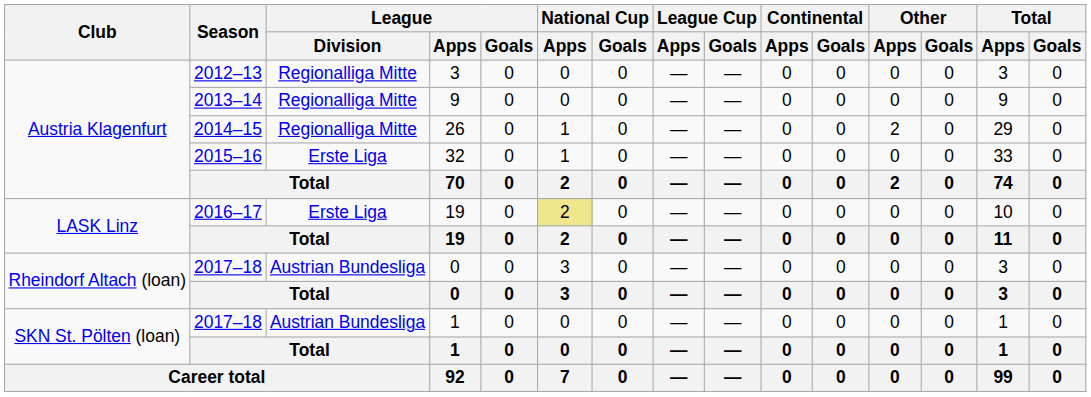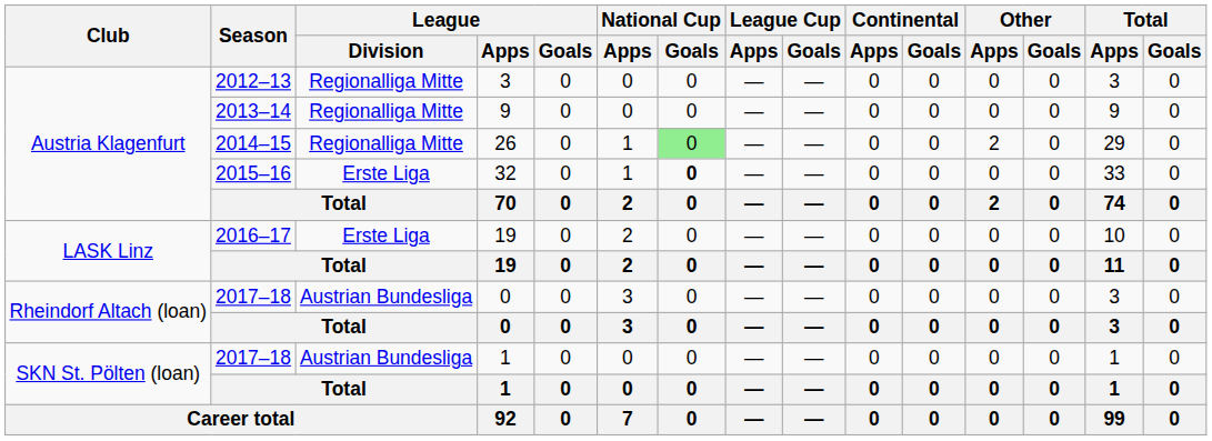 <table class="wikitable" style="text-align: center;">
 <tr>
 <th rowspan="2">Club</th>
 <th rowspan="2">Season</th>
 <th colspan="3">League</th>
 <th colspan="2">National Cup</th>
 <th colspan="2">League Cup</th>
 <th colspan="2">Continental</th>
 <th colspan="2">Other</th>
 <th colspan="2">Total</th>
 </tr>
 <tr>
 <th>Division</th>
 <th>Apps</th>
 <th>Goals</th>
 <th>Apps</th>
 <th>Goals</th>
 <th>Apps</th>
 <th>Goals</th>
 <th>Apps</th>
 <th>Goals</th>
 <th>Apps</th>
 <th>Goals</th>
 <th>Apps</th>
 <th>Goals</th>
 </tr>
 <tr>
 <td rowspan="5" valign="center"><a href='#'>Austria Klagenfurt</a></td>
 <td><a href='#'>2012–13</a></td>
 <td><a href='#'>Regionalliga Mitte</a></td>
 <td>3</td>
 <td>0</td>
 <td>0</td>
 <td>0</td>
 <td>—</td>
 <td>—</td>
 <td>0</td>
 <td>0</td>
 <td>0</td>
 <td>0</td>
 <td>3</td>
 <td>0</td>
 </tr>
 <tr>
 <td><a href='#'>2013–14</a></td>
 <td><a href='#'>Regionalliga Mitte</a></td>
 <td>9</td>
 <td>0</td>
 <td>0</td>
 <td>0</td>
 <td>—</td>
 <td>—</td>
 <td>0</td>
 <td>0</td>
 <td>0</td>
 <td>0</td>
 <td>9</td>
 <td>0</td>
 </tr>
 <tr>
 <td><a href='#'>2014–15</a></td>
 <td><a href='#'>Regionalliga Mitte</a></td>
 <td>26</td>
 <td>0</td>
 <td>1</td>
-<td>0</td>
+<td style="background: lightgreen;">0</td>
 <td>—</td>
 <td>—</td>
 <td>0</td>
 <td>0</td>
 <td>2</td>
 <td>0</td>
 <td>29</td>
 <td>0</td>
 </tr>
 <tr>
 <td><a href='#'>2015–16</a></td>
 <td><a href='#'>Erste Liga</a></td>
 <td>32</td>
 <td>0</td>
 <td>1</td>
-<td>0</td>
+<td><strong>0</strong></td>
 <td>—</td>
 <td>—</td>
 <td>0</td>
 <td>0</td>
 <td>0</td>
 <td>0</td>
 <td>33</td>
 <td>0</td>
 </tr>
 <tr>
 <th colspan="2">Total</th>
 <th>70</th>
 <th>0</th>
 <th>2</th>
 <th>0</th>
 <th>—</th>
 <th>—</th>
 <th>0</th>
 <th>0</th>
 <th>2</th>
 <th>0</th>
 <th>74</th>
 <th>0</th>
 </tr>
 <tr>
 <td rowspan="2" valign="center"><a href='#'>LASK Linz</a></td>
 <td><a href='#'>2016–17</a></td>
 <td><a href='#'>Erste Liga</a></td>
 <td>19</td>
 <td>0</td>
-<td style="background: khaki;">2</td>
+<td>2</td>
 <td>0</td>
 <td>—</td>
 <td>—</td>
 <td>0</td>
 <td>0</td>
 <td>0</td>
 <td>0</td>
 <td>10</td>
 <td>0</td>
 </tr>
 <tr>
 <th colspan="2">Total</th>
 <th>19</th>
 <th>0</th>
 <th>2</th>
 <th>0</th>
 <th>—</th>
 <th>—</th>
 <th>0</th>
 <th>0</th>
 <th>0</th>
 <th>0</th>
 <th>11</th>
 <th>0</th>
 </tr>
 <tr>
 <td rowspan="2" valign="center"><a href='#'>Rheindorf Altach</a> (loan)</td>
 <td><a href='#'>2017–18</a></td>
 <td><a href='#'>Austrian Bundesliga</a></td>
 <td>0</td>
 <td>0</td>
 <td>3</td>
 <td>0</td>
 <td>—</td>
 <td>—</td>
 <td>0</td>
 <td>0</td>
 <td>0</td>
 <td>0</td>
 <td>3</td>
 <td>0</td>
 </tr>
 <tr>
 <th colspan="2">Total</th>
 <th>0</th>
 <th>0</th>
 <th>3</th>
 <th>0</th>
 <th>—</th>
 <th>—</th>
 <th>0</th>
 <th>0</th>
 <th>0</th>
 <th>0</th>
 <th>3</th>
 <th>0</th>
 </tr>
 <tr>
 <td rowspan="2" valign="center"><a href='#'>SKN St. Pölten</a> (loan)</td>
 <td><a href='#'>2017–18</a></td>
 <td><a href='#'>Austrian Bundesliga</a></td>
 <td>1</td>
 <td>0</td>
 <td>0</td>
 <td>0</td>
 <td>—</td>
 <td>—</td>
 <td>0</td>
 <td>0</td>
 <td>0</td>
 <td>0</td>
 <td>1</td>
 <td>0</td>
 </tr>
 <tr>
 <th colspan="2">Total</th>
 <th>1</th>
 <th>0</th>
 <th>0</th>
 <th>0</th>
 <th>—</th>
 <th>—</th>
 <th>0</th>
 <th>0</th>
 <th>0</th>
 <th>0</th>
 <th>1</th>
 <th>0</th>
 </tr>
 <tr>
 <th colspan="3">Career total</th>
 <th>92</th>
 <th>0</th>
 <th>7</th>
 <th>0</th>
 <th>—</th>
 <th>—</th>
 <th>0</th>
 <th>0</th>
 <th>0</th>
 <th>0</th>
 <th>99</th>
 <th>0</th>
 </tr>
 </table>
